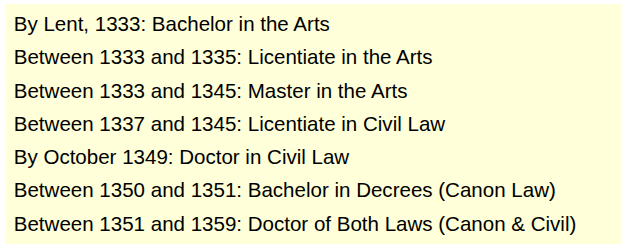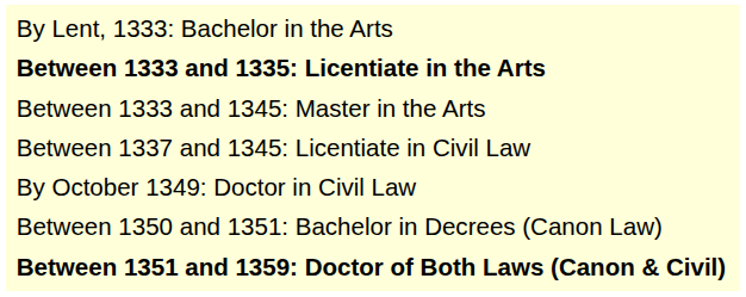 <table class="toccolours" style="float: right; margin-left: 1em; margin-right: 2em; font-size: 85%; background:#ffffd9; color:black; width:30em; max-width: 40%;" cellspacing="5">
 <tr>
 <td style="text-align: left;">By Lent, 1333: Bachelor in the Arts</td>
 </tr>
 <tr>
-<td style="text-align: left;">Between 1333 and 1335: Licentiate in the Arts</td>
+<td style="text-align: left;"><strong>Between 1333 and 1335: Licentiate in the Arts</strong></td>
 </tr>
 <tr>
 <td style="text-align: left;">Between 1333 and 1345: Master in the Arts</td>
 </tr>
 <tr>
 <td style="text-align: left;">Between 1337 and 1345: Licentiate in Civil Law</td>
 </tr>
 <tr>
 <td style="text-align: left;">By October 1349: Doctor in Civil Law</td>
 </tr>
 <tr>
 <td style="text-align: left;">Between 1350 and 1351: Bachelor in Decrees (Canon Law)</td>
 </tr>
 <tr>
-<td style="text-align: left;">Between 1351 and 1359: Doctor of Both Laws (Canon & Civil)</td>
+<td style="text-align: left;"><strong>Between 1351 and 1359: Doctor of Both Laws (Canon & Civil)</strong></td>
 </tr>
 </table>
